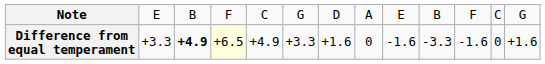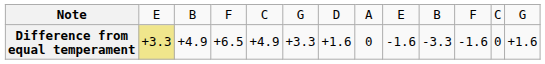 <table class="wikitable" style="margin:2.5em auto; text-align:center">
 <tr>
 <th>Note</th>
 <td>E</td>
 <td>B</td>
 <td>F</td>
 <td>C</td>
 <td>G</td>
 <td>D</td>
 <td> A </td>
 <td>E</td>
 <td>B</td>
 <td>F</td>
 <td>C</td>
 <td>G</td>
 </tr>
 <tr>
 <th>Difference from<br>equal temperament</th>
-<td>+3.3</td>
-<td><strong>+4.9</strong></td>
-<td style="background: lightyellow;">+6.5</td>
+<td style="background: khaki;">+3.3</td>
+<td>+4.9</td>
+<td>+6.5</td>
 <td>+4.9</td>
 <td>+3.3</td>
 <td>+1.6</td>
 <td>0</td>
 <td>-1.6</td>
 <td>-3.3</td>
 <td>-1.6</td>
 <td>0</td>
 <td>+1.6</td>
 </tr>
 </table>
